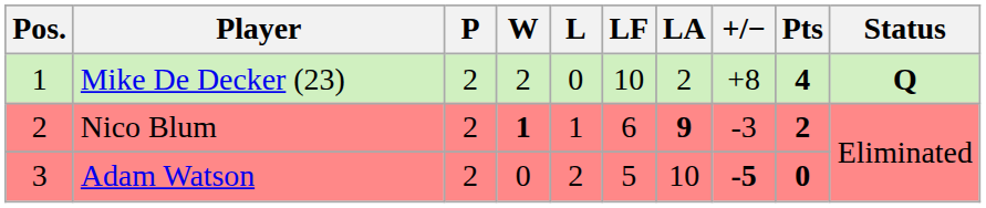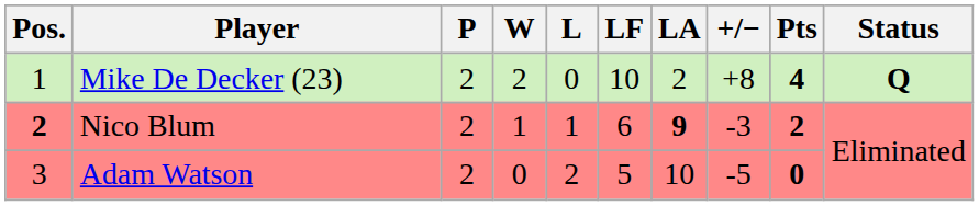 <table class="wikitable" style="text-align:center; margin: 1em auto 1em auto, align:left">
 <tr>
 <th width=20>Pos.</th>
 <th width=185>Player</th>
 <th width=20>P</th>
 <th width=20>W</th>
 <th width=20>L</th>
 <th width=20>LF</th>
 <th width=20>LA</th>
 <th width=25>+/−</th>
 <th width=20>Pts</th>
 <th width=70>Status</th>
 </tr>
 <tr style="background:#D0F0C0;">
 <td>1</td>
 <td align=left> <a href='#'>Mike De Decker</a> (23)</td>
 <td>2</td>
 <td>2</td>
 <td>0</td>
 <td>10</td>
 <td>2</td>
 <td>+8</td>
 <td><strong>4</strong></td>
 <td rowspan=1><strong>Q</strong></td>
 </tr>
 <tr style="background:#FF8888;">
-<td>2</td>
+<td><strong>2</strong></td>
 <td align=left> Nico Blum</td>
 <td>2</td>
-<td><strong>1</strong></td>
+<td>1</td>
 <td>1</td>
 <td>6</td>
 <td><strong>9</strong></td>
 <td>-3</td>
 <td><strong>2</strong></td>
 <td rowspan=2>Eliminated</td>
 </tr>
 <tr style="background:#FF8888;">
 <td>3</td>
 <td align=left> <a href='#'>Adam Watson</a></td>
 <td>2</td>
 <td>0</td>
 <td>2</td>
 <td>5</td>
 <td>10</td>
-<td><strong>-5</strong></td>
+<td>-5</td>
 <td><strong>0</strong></td>
 </tr>
 </table>
